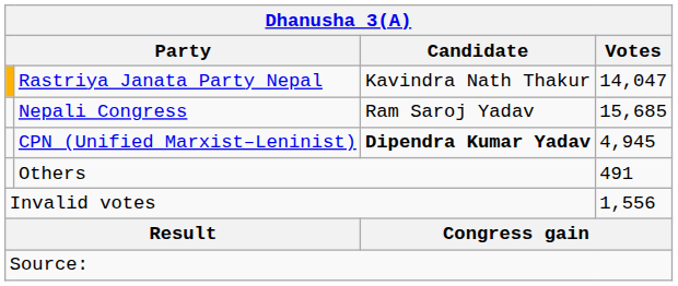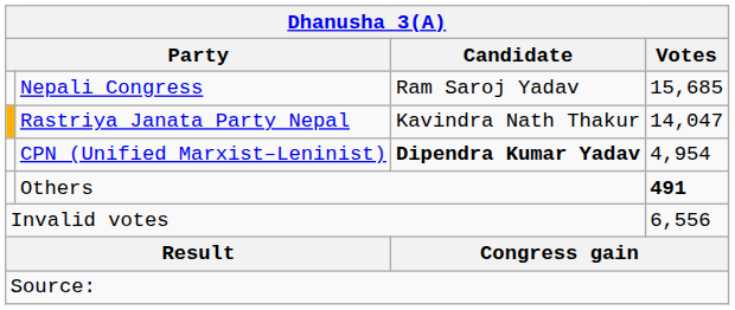 <table class="wikitable">
 <tr>
 <th colspan="4"><a href='#'>Dhanusha 3(A)</a></th>
 </tr>
 <tr>
 <th colspan="2">Party</th>
 <th>Candidate</th>
 <th>Votes</th>
 </tr>
 <tr>
+<td style="background-color:"></td>
+<td><a href='#'>Nepali Congress</a></td>
+<td>Ram Saroj Yadav</td>
+<td>15,685</td>
+</tr>
+<tr>
 <td style="background-color:#ffb300"></td>
 <td><a href='#'>Rastriya Janata Party Nepal</a></td>
 <td>Kavindra Nath Thakur</td>
 <td>14,047</td>
 </tr>
 <tr>
 <td style="background-color:"></td>
-<td><a href='#'>Nepali Congress</a></td>
-<td>Ram Saroj Yadav</td>
-<td>15,685</td>
-</tr>
-<tr>
-<td style="background-color:"></td>
 <td><a href='#'>CPN (Unified Marxist–Leninist)</a></td>
 <td><strong>Dipendra Kumar Yadav</strong></td>
-<td>4,945</td>
+<td>4,954</td>
 </tr>
 <tr>
 <td></td>
 <td colspan="2">Others</td>
-<td>491</td>
+<td><strong>491</strong></td>
 </tr>
 <tr>
 <td colspan="3">Invalid votes</td>
-<td>1,556</td>
+<td>6,556</td>
 </tr>
 <tr>
 <th colspan="2">Result</th>
 <th colspan="2">Congress gain</th>
 </tr>
 <tr>
 <td colspan="4">Source: </td>
 </tr>
 </table>
